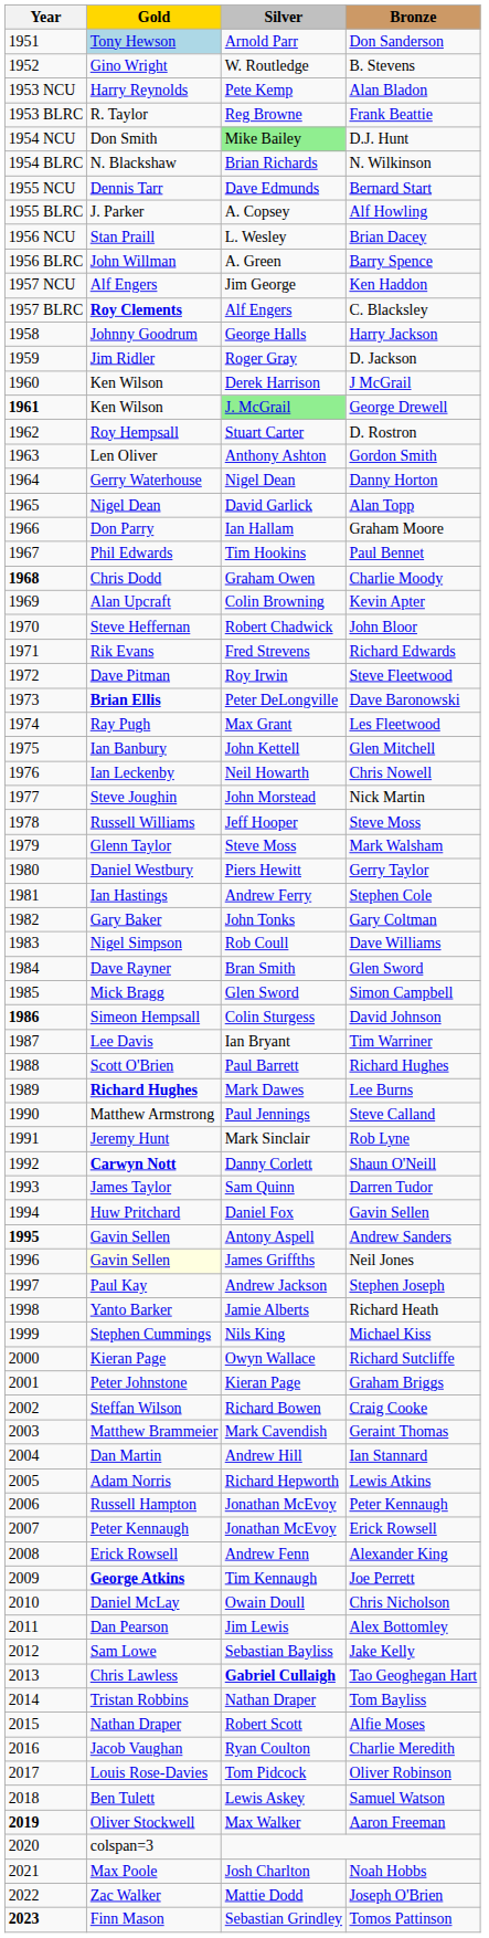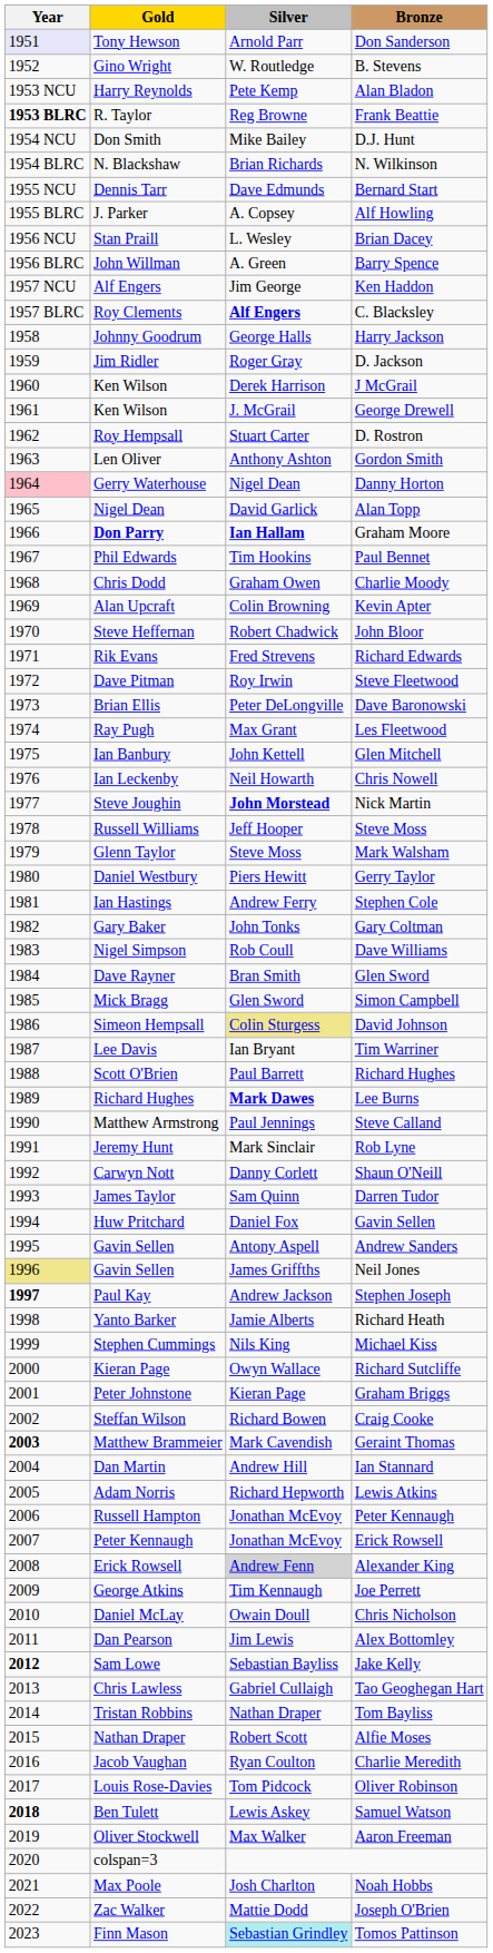 <table class="wikitable" style="text-align:left;">
 <tr>
 <th>Year</th>
 <th style="background:gold; ">Gold</th>
 <th style="background:silver; ">Silver</th>
 <th style="background:#c96; ">Bronze</th>
 </tr>
 <tr>
-<td>1951</td>
-<td style="background: lightblue;"><a href='#'>Tony Hewson</a></td>
+<td style="background: lavender;">1951</td>
+<td><a href='#'>Tony Hewson</a></td>
 <td><a href='#'>Arnold Parr</a></td>
 <td><a href='#'>Don Sanderson</a></td>
 </tr>
 <tr>
 <td>1952</td>
 <td><a href='#'>Gino Wright</a></td>
 <td>W. Routledge</td>
 <td>B. Stevens</td>
 </tr>
 <tr>
 <td>1953 NCU</td>
 <td><a href='#'>Harry Reynolds</a></td>
 <td><a href='#'>Pete Kemp</a></td>
 <td><a href='#'>Alan Bladon</a></td>
 </tr>
 <tr>
-<td>1953 BLRC</td>
+<td><strong>1953 BLRC</strong></td>
 <td>R. Taylor</td>
 <td><a href='#'>Reg Browne</a></td>
 <td><a href='#'>Frank Beattie</a></td>
 </tr>
 <tr>
 <td>1954 NCU</td>
 <td>Don Smith</td>
-<td style="background: lightgreen;">Mike Bailey</td>
+<td>Mike Bailey</td>
 <td>D.J. Hunt</td>
 </tr>
 <tr>
 <td>1954 BLRC</td>
 <td>N. Blackshaw</td>
 <td><a href='#'>Brian Richards</a></td>
 <td>N. Wilkinson</td>
 </tr>
 <tr>
 <td>1955 NCU</td>
 <td><a href='#'>Dennis Tarr</a></td>
 <td><a href='#'>Dave Edmunds</a></td>
 <td><a href='#'>Bernard Start</a></td>
 </tr>
 <tr>
 <td>1955 BLRC</td>
 <td>J. Parker</td>
 <td>A. Copsey</td>
 <td><a href='#'>Alf Howling</a></td>
 </tr>
 <tr>
 <td>1956 NCU</td>
 <td><a href='#'>Stan Praill</a></td>
 <td>L. Wesley</td>
 <td><a href='#'>Brian Dacey</a></td>
 </tr>
 <tr>
 <td>1956 BLRC</td>
 <td><a href='#'>John Willman</a></td>
 <td>A. Green</td>
 <td><a href='#'>Barry Spence</a></td>
 </tr>
 <tr>
 <td>1957 NCU</td>
 <td><a href='#'>Alf Engers</a></td>
 <td>Jim George</td>
 <td><a href='#'>Ken Haddon</a></td>
 </tr>
 <tr>
 <td>1957 BLRC</td>
-<td><strong><a href='#'>Roy Clements</a></strong></td>
-<td><a href='#'>Alf Engers</a></td>
+<td><a href='#'>Roy Clements</a></td>
+<td><strong><a href='#'>Alf Engers</a></strong></td>
 <td>C. Blacksley</td>
 </tr>
 <tr>
 <td>1958</td>
 <td><a href='#'>Johnny Goodrum</a></td>
 <td><a href='#'>George Halls</a></td>
 <td><a href='#'>Harry Jackson</a></td>
 </tr>
 <tr>
 <td>1959</td>
 <td><a href='#'>Jim Ridler</a></td>
 <td><a href='#'>Roger Gray</a></td>
 <td>D. Jackson</td>
 </tr>
 <tr>
 <td>1960</td>
 <td>Ken Wilson</td>
 <td><a href='#'>Derek Harrison</a></td>
 <td><a href='#'>J McGrail</a></td>
 </tr>
 <tr>
-<td><strong>1961</strong></td>
+<td>1961</td>
 <td>Ken Wilson</td>
-<td style="background: lightgreen;"><a href='#'>J. McGrail</a></td>
+<td><a href='#'>J. McGrail</a></td>
 <td><a href='#'>George Drewell</a></td>
 </tr>
 <tr>
 <td>1962</td>
 <td><a href='#'>Roy Hempsall</a></td>
 <td><a href='#'>Stuart Carter</a></td>
 <td>D. Rostron</td>
 </tr>
 <tr>
 <td>1963</td>
 <td>Len Oliver</td>
 <td><a href='#'>Anthony Ashton</a></td>
 <td><a href='#'>Gordon Smith</a></td>
 </tr>
 <tr>
-<td>1964</td>
+<td style="background: pink;">1964</td>
 <td><a href='#'>Gerry Waterhouse</a></td>
 <td><a href='#'>Nigel Dean</a></td>
 <td><a href='#'>Danny Horton</a></td>
 </tr>
 <tr>
 <td>1965</td>
 <td><a href='#'>Nigel Dean</a></td>
 <td><a href='#'>David Garlick</a></td>
 <td><a href='#'>Alan Topp</a></td>
 </tr>
 <tr>
 <td>1966</td>
-<td><a href='#'>Don Parry</a></td>
-<td><a href='#'>Ian Hallam</a></td>
+<td><strong><a href='#'>Don Parry</a></strong></td>
+<td><strong><a href='#'>Ian Hallam</a></strong></td>
 <td>Graham Moore</td>
 </tr>
 <tr>
 <td>1967</td>
 <td><a href='#'>Phil Edwards</a></td>
 <td><a href='#'>Tim Hookins</a></td>
 <td><a href='#'>Paul Bennet</a></td>
 </tr>
 <tr>
-<td><strong>1968</strong></td>
+<td>1968</td>
 <td><a href='#'>Chris Dodd</a></td>
 <td><a href='#'>Graham Owen</a></td>
 <td><a href='#'>Charlie Moody</a></td>
 </tr>
 <tr>
 <td>1969</td>
 <td><a href='#'>Alan Upcraft</a></td>
 <td><a href='#'>Colin Browning</a></td>
 <td><a href='#'>Kevin Apter</a></td>
 </tr>
 <tr>
 <td>1970</td>
 <td><a href='#'>Steve Heffernan</a></td>
 <td><a href='#'>Robert Chadwick</a></td>
 <td><a href='#'>John Bloor</a></td>
 </tr>
 <tr>
 <td>1971</td>
 <td><a href='#'>Rik Evans</a></td>
 <td><a href='#'>Fred Strevens</a></td>
 <td><a href='#'>Richard Edwards</a></td>
 </tr>
 <tr>
 <td>1972</td>
 <td><a href='#'>Dave Pitman</a></td>
 <td><a href='#'>Roy Irwin</a></td>
 <td><a href='#'>Steve Fleetwood</a></td>
 </tr>
 <tr>
 <td>1973</td>
-<td><strong><a href='#'>Brian Ellis</a></strong></td>
+<td><a href='#'>Brian Ellis</a></td>
 <td><a href='#'>Peter DeLongville</a></td>
 <td><a href='#'>Dave Baronowski</a></td>
 </tr>
 <tr>
 <td>1974</td>
 <td><a href='#'>Ray Pugh</a></td>
 <td><a href='#'>Max Grant</a></td>
 <td><a href='#'>Les Fleetwood</a></td>
 </tr>
 <tr>
 <td>1975</td>
 <td><a href='#'>Ian Banbury</a></td>
 <td><a href='#'>John Kettell</a></td>
 <td><a href='#'>Glen Mitchell</a></td>
 </tr>
 <tr>
 <td>1976</td>
 <td><a href='#'>Ian Leckenby</a></td>
 <td><a href='#'>Neil Howarth</a></td>
 <td><a href='#'>Chris Nowell</a></td>
 </tr>
 <tr>
 <td>1977</td>
 <td><a href='#'>Steve Joughin</a></td>
-<td><a href='#'>John Morstead</a></td>
+<td><strong><a href='#'>John Morstead</a></strong></td>
 <td>Nick Martin</td>
 </tr>
 <tr>
 <td>1978</td>
 <td><a href='#'>Russell Williams</a></td>
 <td><a href='#'>Jeff Hooper</a></td>
 <td><a href='#'>Steve Moss</a></td>
 </tr>
 <tr>
 <td>1979</td>
 <td><a href='#'>Glenn Taylor</a></td>
 <td><a href='#'>Steve Moss</a></td>
 <td><a href='#'>Mark Walsham</a></td>
 </tr>
 <tr>
 <td>1980</td>
 <td><a href='#'>Daniel Westbury</a></td>
 <td><a href='#'>Piers Hewitt</a></td>
 <td><a href='#'>Gerry Taylor</a></td>
 </tr>
 <tr>
 <td>1981</td>
 <td><a href='#'>Ian Hastings</a></td>
 <td><a href='#'>Andrew Ferry</a></td>
 <td><a href='#'>Stephen Cole</a></td>
 </tr>
 <tr>
 <td>1982</td>
 <td><a href='#'>Gary Baker</a></td>
 <td><a href='#'>John Tonks</a></td>
 <td><a href='#'>Gary Coltman</a></td>
 </tr>
 <tr>
 <td>1983</td>
 <td><a href='#'>Nigel Simpson</a></td>
 <td><a href='#'>Rob Coull</a></td>
 <td><a href='#'>Dave Williams</a></td>
 </tr>
 <tr>
 <td>1984</td>
 <td><a href='#'>Dave Rayner</a></td>
 <td><a href='#'>Bran Smith</a></td>
 <td><a href='#'>Glen Sword</a></td>
 </tr>
 <tr>
 <td>1985</td>
 <td><a href='#'>Mick Bragg</a></td>
 <td><a href='#'>Glen Sword</a></td>
 <td><a href='#'>Simon Campbell</a></td>
 </tr>
 <tr>
-<td><strong>1986</strong></td>
+<td>1986</td>
 <td><a href='#'>Simeon Hempsall</a></td>
-<td><a href='#'>Colin Sturgess</a></td>
+<td style="background: khaki;"><a href='#'>Colin Sturgess</a></td>
 <td><a href='#'>David Johnson</a></td>
 </tr>
 <tr>
 <td>1987</td>
 <td><a href='#'>Lee Davis</a></td>
 <td>Ian Bryant</td>
 <td><a href='#'>Tim Warriner</a></td>
 </tr>
 <tr>
 <td>1988</td>
 <td><a href='#'>Scott O'Brien</a></td>
 <td><a href='#'>Paul Barrett</a></td>
 <td><a href='#'>Richard Hughes</a></td>
 </tr>
 <tr>
 <td>1989</td>
-<td><strong><a href='#'>Richard Hughes</a></strong></td>
-<td><a href='#'>Mark Dawes</a></td>
+<td><a href='#'>Richard Hughes</a></td>
+<td><strong><a href='#'>Mark Dawes</a></strong></td>
 <td><a href='#'>Lee Burns</a></td>
 </tr>
 <tr>
 <td>1990</td>
 <td>Matthew Armstrong</td>
 <td><a href='#'>Paul Jennings</a></td>
 <td><a href='#'>Steve Calland</a></td>
 </tr>
 <tr>
 <td>1991</td>
 <td><a href='#'>Jeremy Hunt</a></td>
 <td>Mark Sinclair</td>
 <td><a href='#'>Rob Lyne</a></td>
 </tr>
 <tr>
 <td>1992</td>
-<td><strong><a href='#'>Carwyn Nott</a></strong></td>
+<td><a href='#'>Carwyn Nott</a></td>
 <td><a href='#'>Danny Corlett</a></td>
 <td><a href='#'>Shaun O'Neill</a></td>
 </tr>
 <tr>
 <td>1993</td>
 <td><a href='#'>James Taylor</a></td>
 <td><a href='#'>Sam Quinn</a></td>
 <td><a href='#'>Darren Tudor</a></td>
 </tr>
 <tr>
 <td>1994</td>
 <td><a href='#'>Huw Pritchard</a></td>
 <td><a href='#'>Daniel Fox</a></td>
 <td><a href='#'>Gavin Sellen</a></td>
 </tr>
 <tr>
-<td><strong>1995</strong></td>
+<td>1995</td>
 <td><a href='#'>Gavin Sellen</a></td>
 <td><a href='#'>Antony Aspell</a></td>
 <td><a href='#'>Andrew Sanders</a></td>
 </tr>
 <tr>
-<td>1996</td>
-<td style="background: lightyellow;"><a href='#'>Gavin Sellen</a></td>
+<td style="background: khaki;">1996</td>
+<td><a href='#'>Gavin Sellen</a></td>
 <td><a href='#'>James Griffths</a></td>
 <td>Neil Jones</td>
 </tr>
 <tr>
-<td>1997</td>
+<td><strong>1997</strong></td>
 <td><a href='#'>Paul Kay</a></td>
 <td><a href='#'>Andrew Jackson</a></td>
 <td><a href='#'>Stephen Joseph</a></td>
 </tr>
 <tr>
 <td>1998</td>
 <td><a href='#'>Yanto Barker</a></td>
 <td><a href='#'>Jamie Alberts</a></td>
 <td>Richard Heath</td>
 </tr>
 <tr>
 <td>1999</td>
 <td><a href='#'>Stephen Cummings</a></td>
 <td><a href='#'>Nils King</a></td>
 <td><a href='#'>Michael Kiss</a></td>
 </tr>
 <tr>
 <td>2000</td>
 <td><a href='#'>Kieran Page</a></td>
 <td><a href='#'>Owyn Wallace</a></td>
 <td><a href='#'>Richard Sutcliffe</a></td>
 </tr>
 <tr>
 <td>2001</td>
 <td><a href='#'>Peter Johnstone</a></td>
 <td><a href='#'>Kieran Page</a></td>
 <td><a href='#'>Graham Briggs</a></td>
 </tr>
 <tr>
 <td>2002</td>
 <td><a href='#'>Steffan Wilson</a></td>
 <td><a href='#'>Richard Bowen</a></td>
 <td><a href='#'>Craig Cooke</a></td>
 </tr>
 <tr>
-<td>2003</td>
+<td><strong>2003</strong></td>
 <td><a href='#'>Matthew Brammeier</a></td>
 <td><a href='#'>Mark Cavendish</a></td>
 <td><a href='#'>Geraint Thomas</a></td>
 </tr>
 <tr>
 <td>2004</td>
 <td><a href='#'>Dan Martin</a></td>
 <td><a href='#'>Andrew Hill</a></td>
 <td><a href='#'>Ian Stannard</a></td>
 </tr>
 <tr>
 <td>2005</td>
 <td><a href='#'>Adam Norris</a></td>
 <td><a href='#'>Richard Hepworth</a></td>
 <td><a href='#'>Lewis Atkins</a></td>
 </tr>
 <tr>
 <td>2006</td>
 <td><a href='#'>Russell Hampton</a></td>
 <td><a href='#'>Jonathan McEvoy</a></td>
 <td><a href='#'>Peter Kennaugh</a></td>
 </tr>
 <tr>
 <td>2007</td>
 <td><a href='#'>Peter Kennaugh</a></td>
 <td><a href='#'>Jonathan McEvoy</a></td>
 <td><a href='#'>Erick Rowsell</a></td>
 </tr>
 <tr>
 <td>2008</td>
 <td><a href='#'>Erick Rowsell</a></td>
-<td><a href='#'>Andrew Fenn</a></td>
+<td style="background: lightgrey;"><a href='#'>Andrew Fenn</a></td>
 <td><a href='#'>Alexander King</a></td>
 </tr>
 <tr>
 <td>2009</td>
-<td><strong><a href='#'>George Atkins</a></strong></td>
+<td><a href='#'>George Atkins</a></td>
 <td><a href='#'>Tim Kennaugh</a></td>
 <td><a href='#'>Joe Perrett</a></td>
 </tr>
 <tr>
 <td>2010</td>
 <td><a href='#'>Daniel McLay</a></td>
 <td><a href='#'>Owain Doull</a></td>
 <td><a href='#'>Chris Nicholson</a></td>
 </tr>
 <tr>
 <td>2011</td>
 <td><a href='#'>Dan Pearson</a></td>
 <td><a href='#'>Jim Lewis</a></td>
 <td><a href='#'>Alex Bottomley</a></td>
 </tr>
 <tr>
-<td>2012</td>
+<td><strong>2012</strong></td>
 <td><a href='#'>Sam Lowe</a></td>
 <td><a href='#'>Sebastian Bayliss</a></td>
 <td><a href='#'>Jake Kelly</a></td>
 </tr>
 <tr>
 <td>2013</td>
 <td><a href='#'>Chris Lawless</a></td>
-<td><strong><a href='#'>Gabriel Cullaigh</a></strong></td>
+<td><a href='#'>Gabriel Cullaigh</a></td>
 <td><a href='#'>Tao Geoghegan Hart</a></td>
 </tr>
 <tr>
 <td>2014</td>
 <td><a href='#'>Tristan Robbins</a></td>
 <td><a href='#'>Nathan Draper</a></td>
 <td><a href='#'>Tom Bayliss</a></td>
 </tr>
 <tr>
 <td>2015</td>
 <td><a href='#'>Nathan Draper</a></td>
 <td><a href='#'>Robert Scott</a></td>
 <td><a href='#'>Alfie Moses</a></td>
 </tr>
 <tr>
 <td>2016</td>
 <td><a href='#'>Jacob Vaughan</a></td>
 <td><a href='#'>Ryan Coulton</a></td>
 <td><a href='#'>Charlie Meredith</a></td>
 </tr>
 <tr>
 <td>2017</td>
 <td><a href='#'>Louis Rose-Davies</a></td>
 <td><a href='#'>Tom Pidcock</a></td>
 <td><a href='#'>Oliver Robinson</a></td>
 </tr>
 <tr>
-<td>2018</td>
+<td><strong>2018</strong></td>
 <td><a href='#'>Ben Tulett</a></td>
 <td><a href='#'>Lewis Askey</a></td>
 <td><a href='#'>Samuel Watson</a></td>
 </tr>
 <tr>
-<td><strong>2019</strong></td>
+<td>2019</td>
 <td><a href='#'>Oliver Stockwell</a></td>
 <td><a href='#'>Max Walker</a></td>
 <td><a href='#'>Aaron Freeman</a></td>
 </tr>
 <tr>
 <td>2020</td>
 <td>colspan=3 </td>
 </tr>
 <tr>
 <td>2021</td>
 <td><a href='#'>Max Poole</a></td>
 <td><a href='#'>Josh Charlton</a></td>
 <td><a href='#'>Noah Hobbs</a></td>
 </tr>
 <tr>
 <td>2022</td>
 <td><a href='#'>Zac Walker</a></td>
 <td><a href='#'>Mattie Dodd</a></td>
 <td><a href='#'>Joseph O'Brien</a></td>
 </tr>
 <tr>
-<td><strong>2023</strong></td>
+<td>2023</td>
 <td><a href='#'>Finn Mason</a></td>
-<td><a href='#'>Sebastian Grindley</a></td>
+<td style="background: paleturquoise;"><a href='#'>Sebastian Grindley</a></td>
 <td><a href='#'>Tomos Pattinson</a></td>
 </tr>
 </table>
